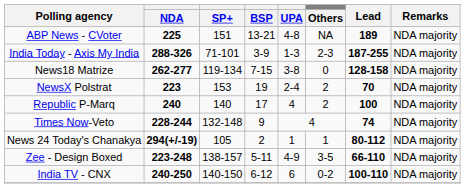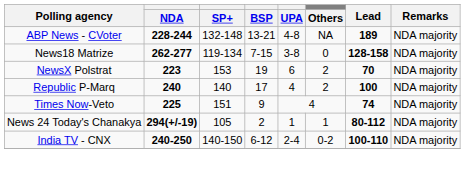 <table class="wikitable sortable" style="text-align:center; font-size:95%">
 <tr>
 <th rowspan="2">Polling agency</th>
 <th style="background:"></th>
 <th style="background:"></th>
 <th style="text-align:center; background:"></th>
 <th style="text-align:center; background:"></th>
 <th style="background:gray;"></th>
 <th rowspan="2">Lead</th>
 <th rowspan="2">Remarks</th>
 </tr>
 <tr>
 <th><a href='#'>NDA</a></th>
 <th><a href='#'>SP+</a></th>
 <th><a href='#'>BSP</a></th>
 <th><a href='#'>UPA</a></th>
 <th>Others</th>
 </tr>
 <tr>
 <td><a href='#'>ABP News</a> - <a href='#'>CVoter</a></td>
-<td><strong>225</strong></td>
-<td>151</td>
+<td><strong>228-244</strong></td>
+<td>132-148</td>
 <td>13-21</td>
 <td>4-8</td>
 <td>NA</td>
 <td><strong>189</strong></td>
-<td>NDA majority</td>
-</tr>
-<tr>
-<td><a href='#'>India Today</a> - <a href='#'>Axis My India</a></td>
-<td><strong>288-326</strong></td>
-<td>71-101</td>
-<td>3-9</td>
-<td>1-3</td>
-<td>2-3</td>
-<td><strong>187-255</strong></td>
 <td>NDA majority</td>
 </tr>
 <tr>
 <td>News18 Matrize</td>
 <td><strong>262-277</strong></td>
 <td>119-134</td>
 <td>7-15</td>
 <td>3-8</td>
 <td>0</td>
 <td><strong>128-158</strong></td>
 <td>NDA majority</td>
 </tr>
 <tr>
 <td><a href='#'>NewsX</a> Polstrat</td>
 <td><strong>223</strong></td>
 <td>153</td>
 <td>19</td>
-<td>2-4</td>
+<td>6</td>
 <td>2</td>
 <td><strong>70</strong></td>
 <td>NDA majority</td>
 </tr>
 <tr>
 <td><a href='#'>Republic</a> P-Marq</td>
 <td><strong>240</strong></td>
 <td>140</td>
 <td>17</td>
 <td>4</td>
 <td>2</td>
 <td><strong>100</strong></td>
 <td>NDA majority</td>
 </tr>
 <tr>
 <td><a href='#'>Times Now</a>-Veto</td>
-<td><strong>228-244</strong></td>
-<td>132-148</td>
+<td><strong>225</strong></td>
+<td>151</td>
 <td>9</td>
 <td Colspan=2>4</td>
 <td><strong>74</strong></td>
 <td>NDA majority</td>
 </tr>
 <tr>
 <td>News 24 Today's Chanakya</td>
 <td><strong>294(+/-19)</strong></td>
 <td>105</td>
 <td>2</td>
 <td>1</td>
 <td>1</td>
 <td><strong>80-112</strong></td>
 <td>NDA majority</td>
 </tr>
 <tr>
-<td><a href='#'>Zee</a> - Design Boxed</td>
-<td><strong>223-248</strong></td>
-<td>138-157</td>
-<td>5-11</td>
-<td>4-9</td>
-<td>3-5</td>
-<td><strong>66-110</strong></td>
-<td>NDA majority</td>
-</tr>
-<tr>
 <td><a href='#'>India TV</a> - CNX</td>
 <td><strong>240-250</strong></td>
 <td>140-150</td>
 <td>6-12</td>
-<td>6</td>
+<td>2-4</td>
 <td>0-2</td>
 <td><strong>100-110</strong></td>
 <td>NDA majority</td>
 </tr>
 <tr>
 </tr>
 </table>
